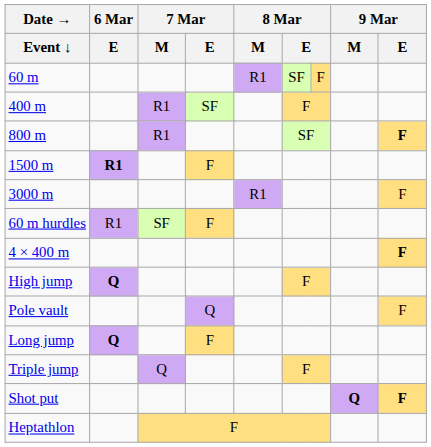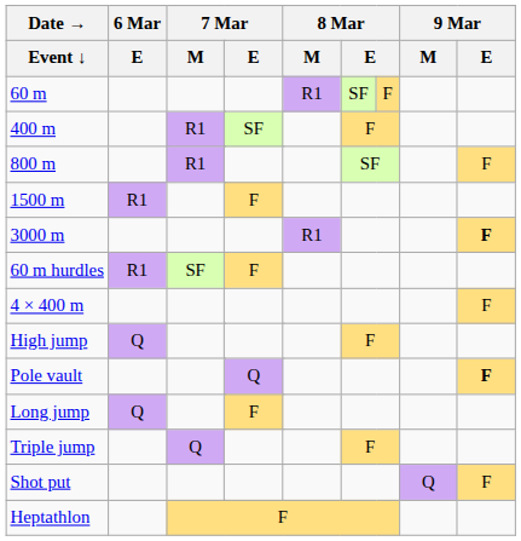 <table class="wikitable mw-datatable" style="margin:0.5em auto; font-size:90%; line-height:1.5em;">
 <tr align="center">
 <th>Date →</th>
 <th width="40px" colspan=1>6 Mar</th>
 <th width="80px" colspan=4>7 Mar</th>
 <th width="80px" colspan=4>8 Mar</th>
 <th width="80px" colspan=2>9 Mar</th>
 </tr>
 <tr>
 <th>Event ↓</th>
 <th width="40px">E</th>
 <th width="40px" colspan=2>M</th>
 <th width="40px" colspan=2>E</th>
 <th width="40px" colspan=2>M</th>
 <th width="40px" colspan=2>E</th>
 <th width="40px">M</th>
 <th width="40px">E</th>
 </tr>
 <tr align="center">
 <td align="left"><a href='#'>60 m</a></td>
 <td></td>
 <td colspan=2></td>
 <td colspan=2></td>
 <td bgcolor="#D0A9F5" colspan=2>R1</td>
 <td bgcolor="#D9FFB2">SF</td>
 <td bgcolor="#FFDF80">F</td>
 <td></td>
 <td></td>
 </tr>
 <tr align="center">
 <td align="left"><a href='#'>400 m</a></td>
 <td></td>
 <td bgcolor="#D0A9F5" colspan=2>R1</td>
 <td bgcolor="#D9FFB2" colspan=2>SF</td>
 <td colspan=2></td>
 <td bgcolor="#FFDF80" colspan=2>F</td>
 <td></td>
 <td></td>
 </tr>
 <tr align="center">
 <td align="left"><a href='#'>800 m</a></td>
 <td></td>
 <td bgcolor="#D0A9F5" colspan=2>R1</td>
 <td colspan=2></td>
 <td colspan=2></td>
 <td bgcolor="#D9FFB2" colspan=2>SF</td>
 <td></td>
-<td bgcolor="#FFDF80"><strong>F</strong></td>
+<td bgcolor="#FFDF80">F</td>
 </tr>
 <tr align="center">
 <td align="left"><a href='#'>1500 m</a></td>
-<td bgcolor="#D0A9F5"><strong>R1</strong></td>
+<td bgcolor="#D0A9F5">R1</td>
 <td colspan=2></td>
 <td bgcolor="#FFDF80" colspan=2>F</td>
 <td colspan=2></td>
 <td colspan=2></td>
 <td></td>
 <td></td>
 </tr>
 <tr align="center">
 <td align="left"><a href='#'>3000 m</a></td>
 <td></td>
 <td colspan=2></td>
 <td colspan=2></td>
 <td bgcolor="#D0A9F5" colspan=2>R1</td>
 <td colspan=2></td>
 <td></td>
-<td bgcolor="#FFDF80">F</td>
+<td bgcolor="#FFDF80"><strong>F</strong></td>
 </tr>
 <tr align="center">
 <td align="left"><a href='#'>60 m hurdles</a></td>
 <td bgcolor="#D0A9F5">R1</td>
 <td bgcolor="#D9FFB2" colspan=2>SF</td>
 <td bgcolor="#FFDF80" colspan=2>F</td>
 <td colspan=2></td>
 <td colspan=2></td>
 <td></td>
 <td></td>
 </tr>
 <tr align="center">
 <td align="left"><a href='#'>4 × 400 m</a></td>
 <td></td>
 <td colspan=2></td>
 <td colspan=2></td>
 <td colspan=2></td>
 <td colspan=2></td>
 <td></td>
-<td bgcolor="#FFDF80"><strong>F</strong></td>
+<td bgcolor="#FFDF80">F</td>
 </tr>
 <tr align="center">
 <td align="left"><a href='#'>High jump</a></td>
-<td bgcolor="#D0A9F5"><strong>Q</strong></td>
+<td bgcolor="#D0A9F5">Q</td>
 <td colspan=2></td>
 <td colspan=2></td>
 <td colspan=2></td>
 <td bgcolor="#FFDF80" colspan=2>F</td>
 <td></td>
 <td></td>
 </tr>
 <tr align="center">
 <td align="left"><a href='#'>Pole vault</a></td>
 <td></td>
 <td colspan=2></td>
 <td bgcolor="#D0A9F5" colspan=2>Q</td>
 <td colspan=2></td>
 <td colspan=2></td>
 <td></td>
-<td bgcolor="#FFDF80">F</td>
+<td bgcolor="#FFDF80"><strong>F</strong></td>
 </tr>
 <tr align="center">
 <td align="left"><a href='#'>Long jump</a></td>
-<td bgcolor="#D0A9F5"><strong>Q</strong></td>
+<td bgcolor="#D0A9F5">Q</td>
 <td colspan=2></td>
 <td bgcolor="#FFDF80" colspan=2>F</td>
 <td colspan=2></td>
 <td colspan=2></td>
 <td></td>
 <td></td>
 </tr>
 <tr align="center">
 <td align="left"><a href='#'>Triple jump</a></td>
 <td></td>
 <td bgcolor="#D0A9F5" colspan=2>Q</td>
 <td colspan=2></td>
 <td colspan=2></td>
 <td bgcolor="#FFDF80" colspan=2>F</td>
 <td></td>
 <td></td>
 </tr>
 <tr align="center">
 <td align="left"><a href='#'>Shot put</a></td>
 <td></td>
 <td colspan=2></td>
 <td colspan=2></td>
 <td colspan=2></td>
 <td colspan=2></td>
-<td bgcolor="#D0A9F5"><strong>Q</strong></td>
-<td bgcolor="#FFDF80"><strong>F</strong></td>
+<td bgcolor="#D0A9F5">Q</td>
+<td bgcolor="#FFDF80">F</td>
 </tr>
 <tr align="center">
 <td align="left"><a href='#'>Heptathlon</a></td>
 <td></td>
 <td bgcolor="#FFDF80" colspan=8>F</td>
 <td></td>
 <td></td>
 </tr>
 </table>
